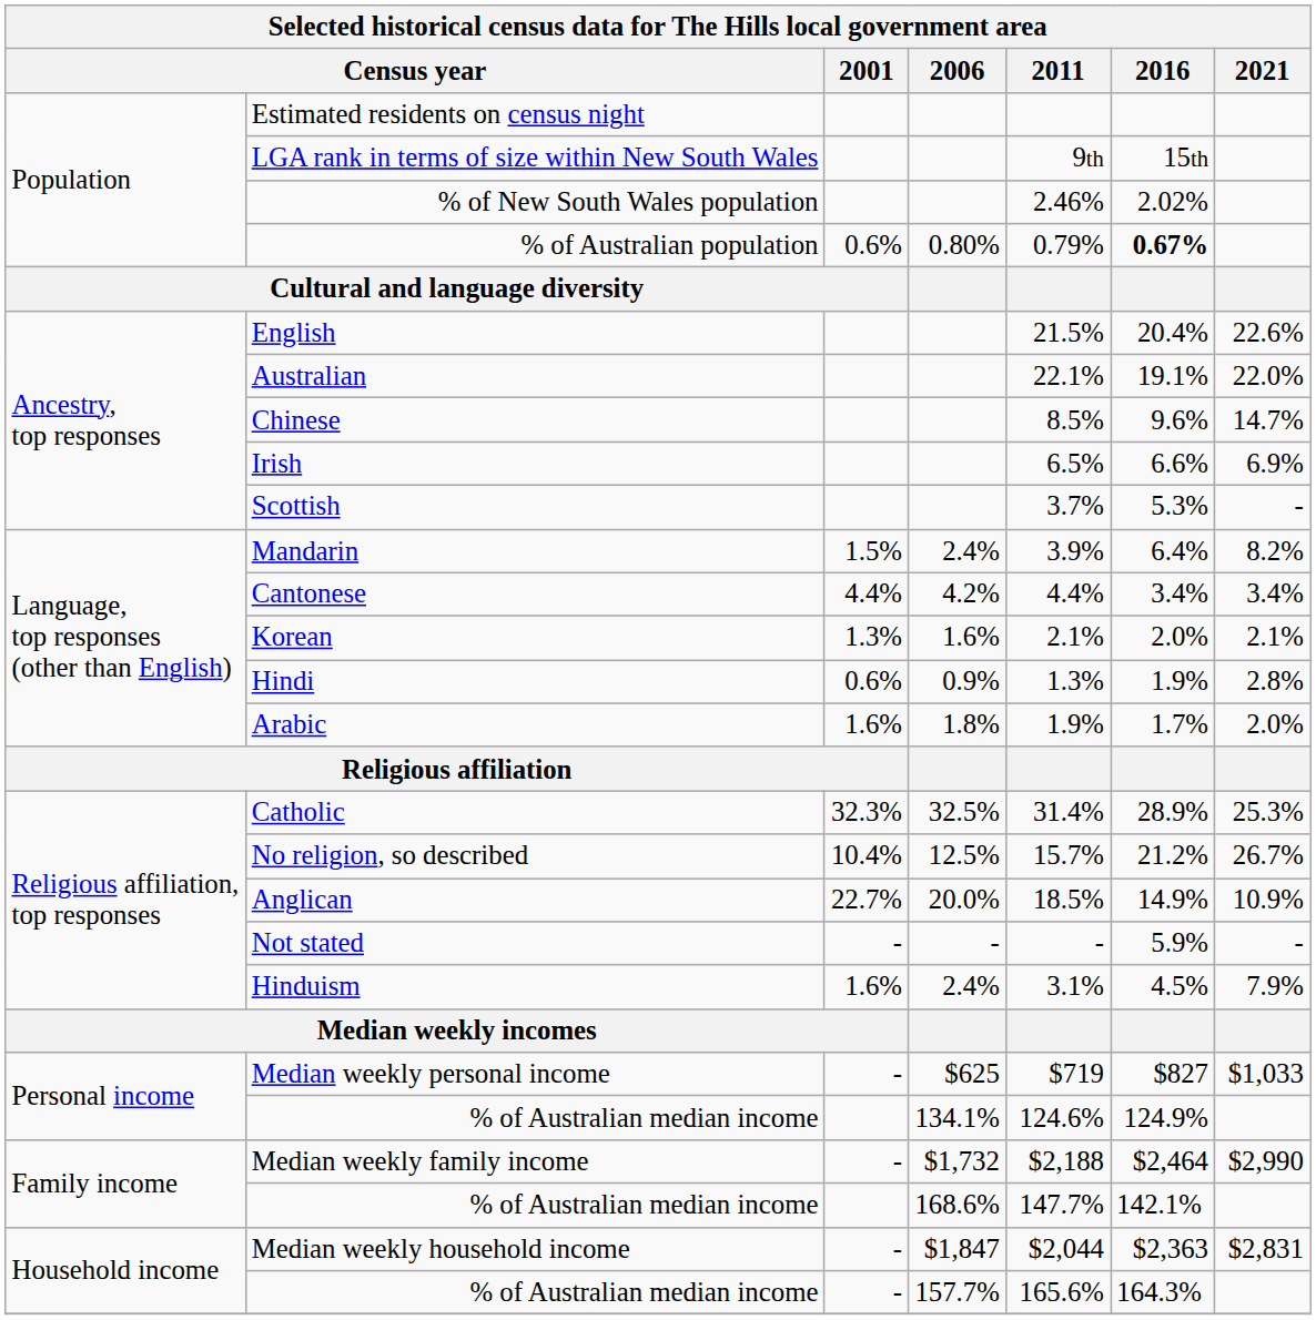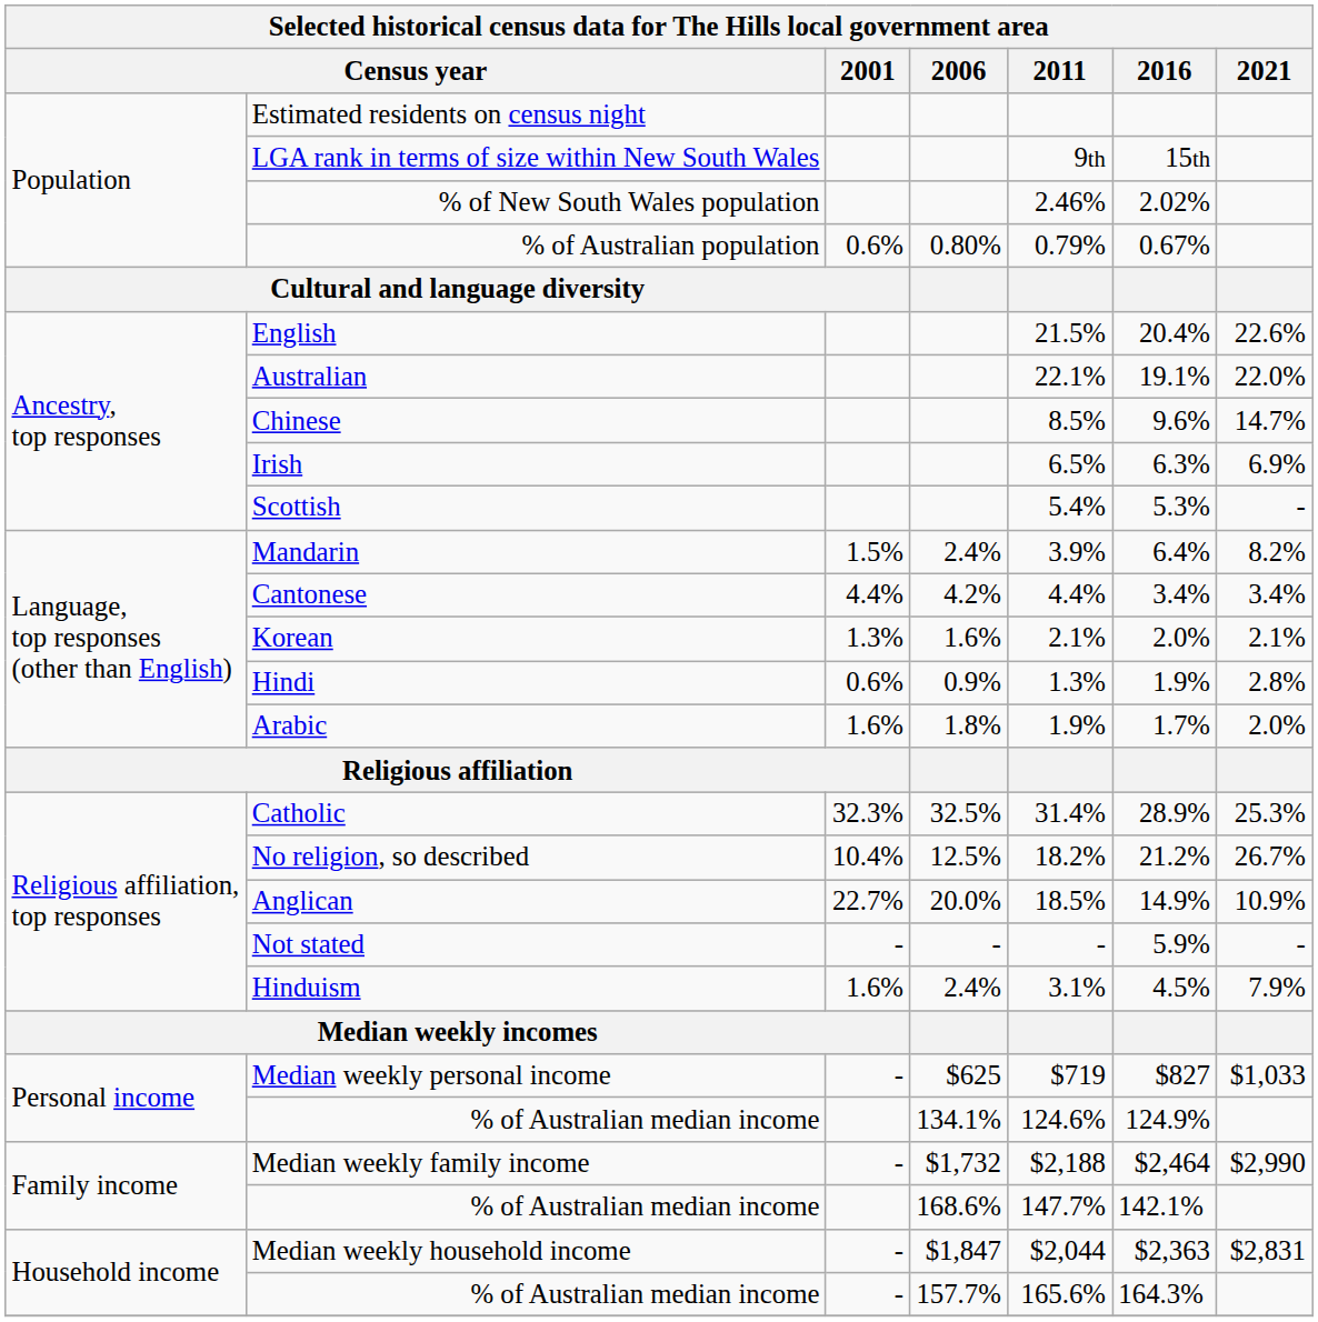 <table class="wikitable">
 <tr>
 <th colspan=8>Selected historical census data for The Hills local government area</th>
 </tr>
 <tr>
 <th colspan=3>Census year</th>
 <th>2001</th>
 <th>2006</th>
 <th>2011</th>
 <th>2016</th>
 <th>2021</th>
 </tr>
 <tr>
 <td rowspan=4 colspan="2">Population</td>
 <td>Estimated residents on <a href='#'>census night</a></td>
 <td align="right"></td>
 <td align="right"> </td>
 <td align="right"> </td>
 <td align="right"> </td>
 <td align="right"> </td>
 </tr>
 <tr>
 <td align="right"><a href='#'>LGA rank in terms of size within New South Wales</a></td>
 <td align="right"></td>
 <td align="right"></td>
 <td align="right">9<small>th</small></td>
 <td align="right"> 15<small>th</small></td>
 <td align="right"></td>
 </tr>
 <tr>
 <td align="right">% of New South Wales population</td>
 <td align="right"></td>
 <td align="right"></td>
 <td align="right">2.46%</td>
 <td align="right"> 2.02%</td>
 <td align="right"></td>
 </tr>
 <tr>
 <td align="right">% of Australian population</td>
 <td align="right">0.6%</td>
 <td align="right"> 0.80%</td>
 <td align="right"> 0.79%</td>
-<td align="right"><strong> 0.67%</strong></td>
+<td align="right"> 0.67%</td>
 <td align="right"></td>
 </tr>
 <tr>
 <th colspan=4>Cultural and language diversity</th>
 <th></th>
 <th></th>
 <th></th>
 <th></th>
 </tr>
 <tr>
 <td rowspan=5 colspan=2><a href='#'>Ancestry</a>,<br>top responses</td>
 <td><a href='#'>English</a></td>
 <td align="right"></td>
 <td align="right"></td>
 <td align="right">21.5%</td>
 <td align="right"> 20.4%</td>
 <td align="right"> 22.6%</td>
 </tr>
 <tr>
 <td><a href='#'>Australian</a></td>
 <td align="right"></td>
 <td align="right"></td>
 <td align="right">22.1%</td>
 <td align="right"> 19.1%</td>
 <td align="right"> 22.0%</td>
 </tr>
 <tr>
 <td><a href='#'>Chinese</a></td>
 <td align="right"></td>
 <td align="right"></td>
 <td align="right">8.5%</td>
 <td align="right"> 9.6%</td>
 <td align="right"> 14.7%</td>
 </tr>
 <tr>
 <td><a href='#'>Irish</a></td>
 <td align="right"></td>
 <td align="right"></td>
 <td align="right">6.5%</td>
-<td align="right"> 6.6%</td>
+<td align="right"> 6.3%</td>
 <td align="right"> 6.9%</td>
 </tr>
 <tr>
 <td><a href='#'>Scottish</a></td>
 <td align="right"></td>
 <td align="right"></td>
-<td align="right">3.7%</td>
+<td align="right">5.4%</td>
 <td align="right"> 5.3%</td>
 <td align="right">-</td>
 </tr>
 <tr>
 <td rowspan=5 colspan=2>Language,<br>top responses<br>(other than <a href='#'>English</a>)</td>
 <td><a href='#'>Mandarin</a></td>
 <td align="right">1.5%</td>
 <td align="right"> 2.4%</td>
 <td align="right"> 3.9%</td>
 <td align="right"> 6.4%</td>
 <td align="right"> 8.2%</td>
 </tr>
 <tr>
 <td><a href='#'>Cantonese</a></td>
 <td align="right">4.4%</td>
 <td align="right"> 4.2%</td>
 <td align="right"> 4.4%</td>
 <td align="right"> 3.4%</td>
 <td align="right"> 3.4%</td>
 </tr>
 <tr>
 <td><a href='#'>Korean</a></td>
 <td align="right">1.3%</td>
 <td align="right"> 1.6%</td>
 <td align="right"> 2.1%</td>
 <td align="right"> 2.0%</td>
 <td align="right"> 2.1%</td>
 </tr>
 <tr>
 <td><a href='#'>Hindi</a></td>
 <td align="right">0.6%</td>
 <td align="right"> 0.9%</td>
 <td align="right"> 1.3%</td>
 <td align="right"> 1.9%</td>
 <td align="right"> 2.8%</td>
 </tr>
 <tr>
 <td><a href='#'>Arabic</a></td>
 <td align="right">1.6%</td>
 <td align="right"> 1.8%</td>
 <td align="right"> 1.9%</td>
 <td align="right"> 1.7%</td>
 <td align="right"> 2.0%</td>
 </tr>
 <tr>
 <th colspan=4>Religious affiliation</th>
 <th></th>
 <th></th>
 <th></th>
 <th></th>
 </tr>
 <tr>
 <td rowspan=5 colspan=2><a href='#'>Religious</a> affiliation,<br>top responses</td>
 <td><a href='#'>Catholic</a></td>
 <td align="right">32.3%</td>
 <td align="right"> 32.5%</td>
 <td align="right"> 31.4%</td>
 <td align="right"> 28.9%</td>
 <td align="right"> 25.3%</td>
 </tr>
 <tr>
 <td><a href='#'>No religion</a>, so described</td>
 <td align="right">10.4%</td>
 <td align="right"> 12.5%</td>
-<td align="right"> 15.7%</td>
+<td align="right"> 18.2%</td>
 <td align="right"> 21.2%</td>
 <td align="right"> 26.7%</td>
 </tr>
 <tr>
 <td><a href='#'>Anglican</a></td>
 <td align="right">22.7%</td>
 <td align="right"> 20.0%</td>
 <td align="right"> 18.5%</td>
 <td align="right"> 14.9%</td>
 <td align="right"> 10.9%</td>
 </tr>
 <tr>
 <td><a href='#'>Not stated</a></td>
 <td align="right">-</td>
 <td align="right">-</td>
 <td align="right">-</td>
 <td align="right">5.9%</td>
 <td align="right">-</td>
 </tr>
 <tr>
 <td><a href='#'>Hinduism</a></td>
 <td align="right">1.6%</td>
 <td align="right"> 2.4%</td>
 <td align="right"> 3.1%</td>
 <td align="right"> 4.5%</td>
 <td align="right"> 7.9%</td>
 </tr>
 <tr>
 <th colspan=4>Median weekly incomes</th>
 <th></th>
 <th></th>
 <th></th>
 <th></th>
 </tr>
 <tr>
 <td rowspan=2 colspan=2>Personal <a href='#'>income</a></td>
 <td><a href='#'>Median</a> weekly personal income</td>
 <td align="right">-</td>
 <td align="right">$625</td>
 <td align="right"> $719</td>
 <td align="right"> $827</td>
 <td align="right"> $1,033</td>
 </tr>
 <tr>
 <td align="right">% of Australian median income</td>
 <td align="right"></td>
 <td align="right">134.1%</td>
 <td align="right"> 124.6%</td>
 <td align="right"> 124.9%</td>
 <td align="right"></td>
 </tr>
 <tr>
 <td rowspan=2 colspan=2>Family income</td>
 <td>Median weekly family income</td>
 <td align="right">-</td>
 <td align="right">$1,732</td>
 <td align="right"> $2,188</td>
 <td align="right"> $2,464</td>
 <td align="right"> $2,990</td>
 </tr>
 <tr>
 <td align="right">% of Australian median income</td>
 <td align="right"></td>
 <td align="right">168.6%</td>
 <td align="right"> 147.7%</td>
 <td> 142.1%</td>
 <td align="right"></td>
 </tr>
 <tr>
 <td rowspan=2 colspan=2>Household income</td>
 <td>Median weekly household income</td>
 <td align="right">-</td>
 <td align="right">$1,847</td>
 <td align="right"> $2,044</td>
 <td align="right"> $2,363</td>
 <td align="right"> $2,831</td>
 </tr>
 <tr>
 <td align="right">% of Australian median income</td>
 <td align="right">-</td>
 <td align="right">157.7%</td>
 <td align="right"> 165.6%</td>
 <td> 164.3%</td>
 <td align="right"></td>
 </tr>
 <tr>
 </tr>
 </table>
